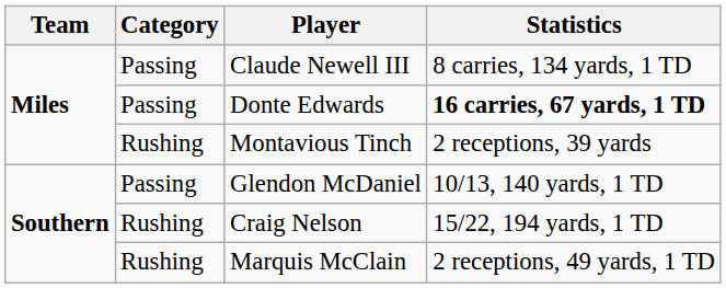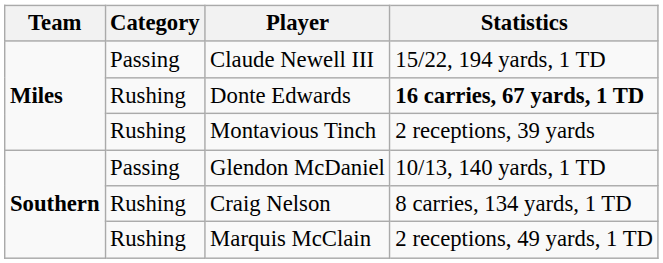 <table class="wikitable" style="float: left;">
 <tr>
 <th>Team</th>
 <th>Category</th>
 <th>Player</th>
 <th>Statistics</th>
 </tr>
 <tr>
 <td rowspan=3><strong>Miles</strong></td>
 <td>Passing</td>
 <td>Claude Newell III</td>
-<td>8 carries, 134 yards, 1 TD</td>
+<td>15/22, 194 yards, 1 TD</td>
 </tr>
 <tr>
-<td>Passing</td>
+<td>Rushing</td>
 <td>Donte Edwards</td>
 <td><strong>16 carries, 67 yards, 1 TD</strong></td>
 </tr>
 <tr>
 <td>Rushing</td>
 <td>Montavious Tinch</td>
 <td>2 receptions, 39 yards</td>
 </tr>
 <tr>
 <td rowspan=3><strong>Southern</strong></td>
 <td>Passing</td>
 <td>Glendon McDaniel</td>
 <td>10/13, 140 yards, 1 TD</td>
 </tr>
 <tr>
 <td>Rushing</td>
 <td>Craig Nelson</td>
-<td>15/22, 194 yards, 1 TD</td>
+<td>8 carries, 134 yards, 1 TD</td>
 </tr>
 <tr>
 <td>Rushing</td>
 <td>Marquis McClain</td>
 <td>2 receptions, 49 yards, 1 TD</td>
 </tr>
 </table>
